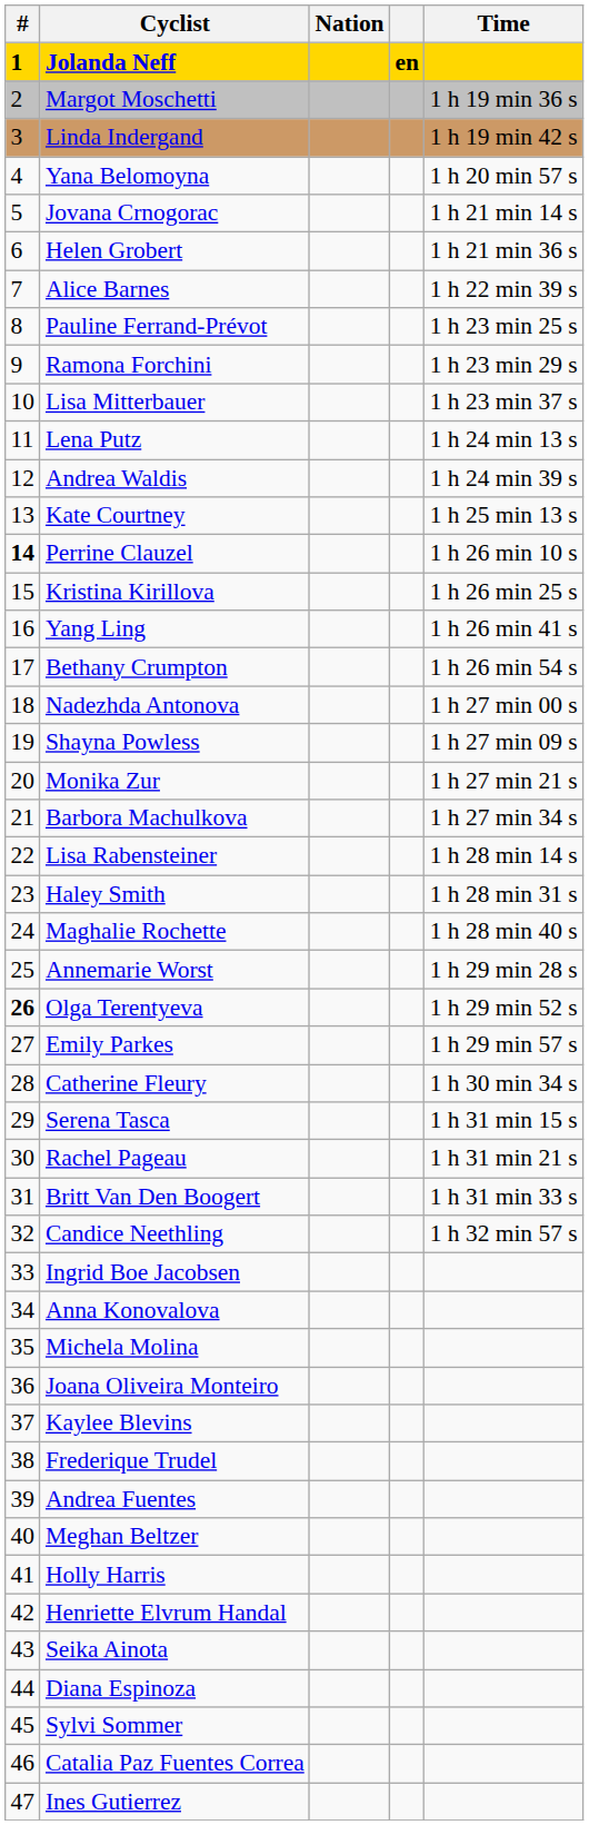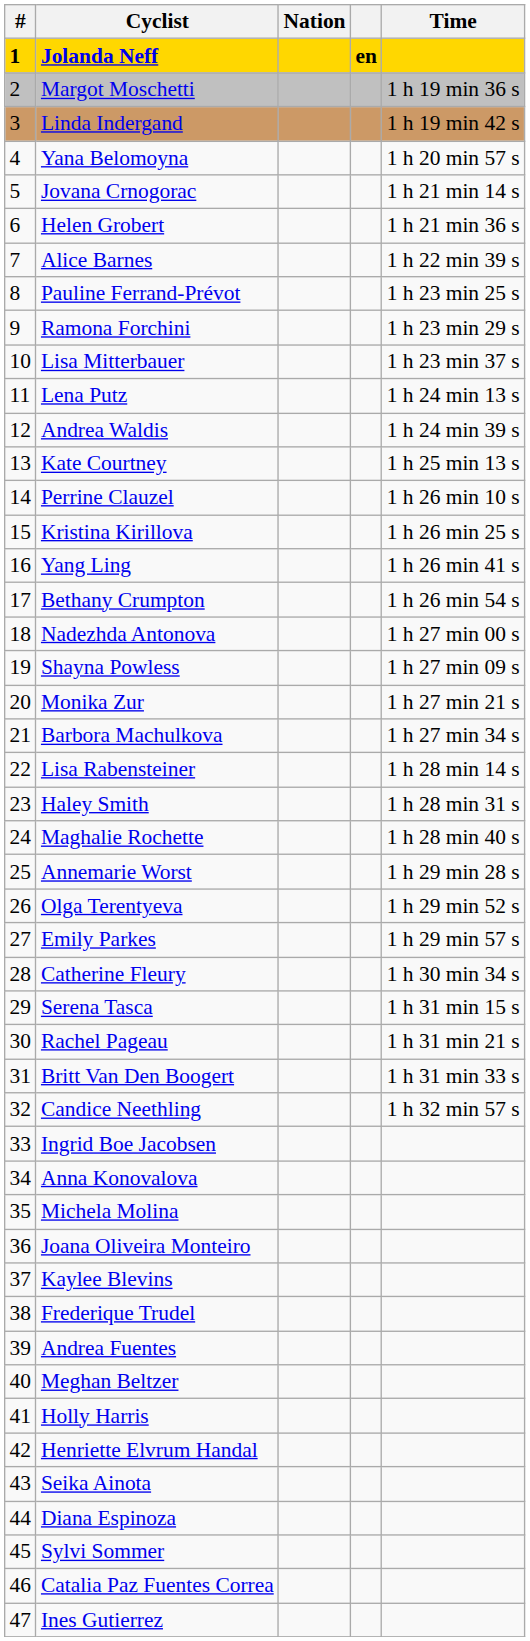 <table class="wikitable">
 <tr>
 <th>#</th>
 <th>Cyclist</th>
 <th>Nation</th>
 <th></th>
 <th>Time</th>
 </tr>
 <tr bgcolor="gold">
 <td><strong>1</strong></td>
 <td><strong><a href='#'>Jolanda Neff</a></strong></td>
 <td><strong></strong></td>
 <td><strong>en</strong></td>
 <td align=right><strong></strong></td>
 </tr>
 <tr bgcolor="silver">
 <td>2</td>
 <td><a href='#'>Margot Moschetti</a></td>
 <td></td>
 <td></td>
 <td align=right>1 h 19 min 36 s</td>
 </tr>
 <tr bgcolor="CC9966">
 <td>3</td>
 <td><a href='#'>Linda Indergand</a></td>
 <td></td>
 <td></td>
 <td align=right>1 h 19 min 42 s</td>
 </tr>
 <tr>
 <td>4</td>
 <td><a href='#'>Yana Belomoyna</a></td>
 <td></td>
 <td></td>
 <td align=right>1 h 20 min 57 s</td>
 </tr>
 <tr>
 <td>5</td>
 <td><a href='#'>Jovana Crnogorac</a></td>
 <td></td>
 <td></td>
 <td align=right>1 h 21 min 14 s</td>
 </tr>
 <tr>
 <td>6</td>
 <td><a href='#'>Helen Grobert</a></td>
 <td></td>
 <td></td>
 <td align=right>1 h 21 min 36 s</td>
 </tr>
 <tr>
 <td>7</td>
 <td><a href='#'>Alice Barnes</a></td>
 <td></td>
 <td></td>
 <td align=right>1 h 22 min 39 s</td>
 </tr>
 <tr>
 <td>8</td>
 <td><a href='#'>Pauline Ferrand-Prévot</a></td>
 <td></td>
 <td></td>
 <td align=right>1 h 23 min 25 s</td>
 </tr>
 <tr>
 <td>9</td>
 <td><a href='#'>Ramona Forchini</a></td>
 <td></td>
 <td></td>
 <td align=right>1 h 23 min 29 s</td>
 </tr>
 <tr>
 <td>10</td>
 <td><a href='#'>Lisa Mitterbauer</a></td>
 <td></td>
 <td></td>
 <td align=right>1 h 23 min 37 s</td>
 </tr>
 <tr>
 <td>11</td>
 <td><a href='#'>Lena Putz</a></td>
 <td></td>
 <td></td>
 <td align=right>1 h 24 min 13 s</td>
 </tr>
 <tr>
 <td>12</td>
 <td><a href='#'>Andrea Waldis</a></td>
 <td></td>
 <td></td>
 <td align=right>1 h 24 min 39 s</td>
 </tr>
 <tr>
 <td>13</td>
 <td><a href='#'>Kate Courtney</a></td>
 <td></td>
 <td></td>
 <td align=right>1 h 25 min 13 s</td>
 </tr>
 <tr>
-<td><strong>14</strong></td>
+<td>14</td>
 <td><a href='#'>Perrine Clauzel</a></td>
 <td></td>
 <td></td>
 <td align=right>1 h 26 min 10 s</td>
 </tr>
 <tr>
 <td>15</td>
 <td><a href='#'>Kristina Kirillova</a></td>
 <td></td>
 <td></td>
 <td align=right>1 h 26 min 25 s</td>
 </tr>
 <tr>
 <td>16</td>
 <td><a href='#'>Yang Ling</a></td>
 <td></td>
 <td></td>
 <td align=right>1 h 26 min 41 s</td>
 </tr>
 <tr>
 <td>17</td>
 <td><a href='#'>Bethany Crumpton</a></td>
 <td></td>
 <td></td>
 <td align=right>1 h 26 min 54 s</td>
 </tr>
 <tr>
 <td>18</td>
 <td><a href='#'>Nadezhda Antonova</a></td>
 <td></td>
 <td></td>
 <td align=right>1 h 27 min 00 s</td>
 </tr>
 <tr>
 <td>19</td>
 <td><a href='#'>Shayna Powless</a></td>
 <td></td>
 <td></td>
 <td align=right>1 h 27 min 09 s</td>
 </tr>
 <tr>
 <td>20</td>
 <td><a href='#'>Monika Zur</a></td>
 <td></td>
 <td></td>
 <td align=right>1 h 27 min 21 s</td>
 </tr>
 <tr>
 <td>21</td>
 <td><a href='#'>Barbora Machulkova</a></td>
 <td></td>
 <td></td>
 <td align=right>1 h 27 min 34 s</td>
 </tr>
 <tr>
 <td>22</td>
 <td><a href='#'>Lisa Rabensteiner</a></td>
 <td></td>
 <td></td>
 <td align=right>1 h 28 min 14 s</td>
 </tr>
 <tr>
 <td>23</td>
 <td><a href='#'>Haley Smith</a></td>
 <td></td>
 <td></td>
 <td align=right>1 h 28 min 31 s</td>
 </tr>
 <tr>
 <td>24</td>
 <td><a href='#'>Maghalie Rochette</a></td>
 <td></td>
 <td></td>
 <td align=right>1 h 28 min 40 s</td>
 </tr>
 <tr>
 <td>25</td>
 <td><a href='#'>Annemarie Worst</a></td>
 <td></td>
 <td></td>
 <td align=right>1 h 29 min 28 s</td>
 </tr>
 <tr>
-<td><strong>26</strong></td>
+<td>26</td>
 <td><a href='#'>Olga Terentyeva</a></td>
 <td></td>
 <td></td>
 <td align=right>1 h 29 min 52 s</td>
 </tr>
 <tr>
 <td>27</td>
 <td><a href='#'>Emily Parkes</a></td>
 <td></td>
 <td></td>
 <td align=right>1 h 29 min 57 s</td>
 </tr>
 <tr>
 <td>28</td>
 <td><a href='#'>Catherine Fleury</a></td>
 <td></td>
 <td></td>
 <td align=right>1 h 30 min 34 s</td>
 </tr>
 <tr>
 <td>29</td>
 <td><a href='#'>Serena Tasca</a></td>
 <td></td>
 <td></td>
 <td align=right>1 h 31 min 15 s</td>
 </tr>
 <tr>
 <td>30</td>
 <td><a href='#'>Rachel Pageau</a></td>
 <td></td>
 <td></td>
 <td align=right>1 h 31 min 21 s</td>
 </tr>
 <tr>
 <td>31</td>
 <td><a href='#'>Britt Van Den Boogert</a></td>
 <td></td>
 <td></td>
 <td align=right>1 h 31 min 33 s</td>
 </tr>
 <tr>
 <td>32</td>
 <td><a href='#'>Candice Neethling</a></td>
 <td></td>
 <td></td>
 <td align=right>1 h 32 min 57 s</td>
 </tr>
 <tr>
 <td>33</td>
 <td><a href='#'>Ingrid Boe Jacobsen</a></td>
 <td></td>
 <td></td>
 <td></td>
 </tr>
 <tr>
 <td>34</td>
 <td><a href='#'>Anna Konovalova</a></td>
 <td></td>
 <td></td>
 <td></td>
 </tr>
 <tr>
 <td>35</td>
 <td><a href='#'>Michela Molina</a></td>
 <td></td>
 <td></td>
 <td></td>
 </tr>
 <tr>
 <td>36</td>
 <td><a href='#'>Joana Oliveira Monteiro</a></td>
 <td></td>
 <td></td>
 <td></td>
 </tr>
 <tr>
 <td>37</td>
 <td><a href='#'>Kaylee Blevins</a></td>
 <td></td>
 <td></td>
 <td></td>
 </tr>
 <tr>
 <td>38</td>
 <td><a href='#'>Frederique Trudel</a></td>
 <td></td>
 <td></td>
 <td></td>
 </tr>
 <tr>
 <td>39</td>
 <td><a href='#'>Andrea Fuentes</a></td>
 <td></td>
 <td></td>
 <td></td>
 </tr>
 <tr>
 <td>40</td>
 <td><a href='#'>Meghan Beltzer</a></td>
 <td></td>
 <td></td>
 <td></td>
 </tr>
 <tr>
 <td>41</td>
 <td><a href='#'>Holly Harris</a></td>
 <td></td>
 <td></td>
 <td></td>
 </tr>
 <tr>
 <td>42</td>
 <td><a href='#'>Henriette Elvrum Handal</a></td>
 <td></td>
 <td></td>
 <td></td>
 </tr>
 <tr>
 <td>43</td>
 <td><a href='#'>Seika Ainota</a></td>
 <td></td>
 <td></td>
 <td></td>
 </tr>
 <tr>
 <td>44</td>
 <td><a href='#'>Diana Espinoza</a></td>
 <td></td>
 <td></td>
 <td></td>
 </tr>
 <tr>
 <td>45</td>
 <td><a href='#'>Sylvi Sommer</a></td>
 <td></td>
 <td></td>
 <td></td>
 </tr>
 <tr>
 <td>46</td>
 <td><a href='#'>Catalia Paz Fuentes Correa</a></td>
 <td></td>
 <td></td>
 <td></td>
 </tr>
 <tr>
 <td>47</td>
 <td><a href='#'>Ines Gutierrez</a></td>
 <td></td>
 <td></td>
 <td></td>
 </tr>
 </table>
